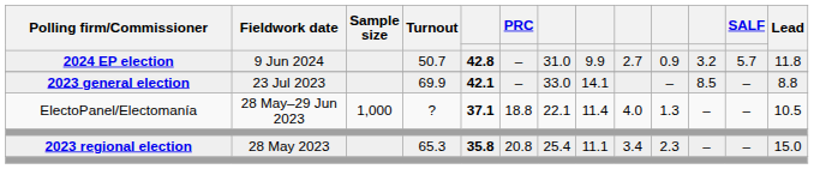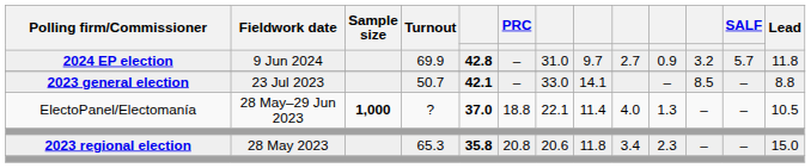 <table class="wikitable collapsible" style="text-align:center; font-size:95%; line-height:16px;">
 <tr style="height:42px;">
 <th style="width:250px;" rowspan="2">Polling firm/Commissioner</th>
 <th style="width:125px;" rowspan="2">Fieldwork date</th>
 <th style="width:50px;" rowspan="2">Sample size</th>
 <th style="width:45px;" rowspan="2">Turnout</th>
 <th style="width:35px;"></th>
 <th style="width:35px;"><a href='#'>PRC</a></th>
 <th style="width:35px;"></th>
 <th style="width:35px;"></th>
 <th style="width:35px;"><br></th>
 <th style="width:35px;"></th>
 <th style="width:35px;"></th>
 <th style="width:35px;"><a href='#'>SALF</a></th>
 <th style="width:30px;" rowspan="2">Lead</th>
 </tr>
 <tr>
 <th style="color:inherit;background:"></th>
 <th style="color:inherit;background:"></th>
 <th style="color:inherit;background:"></th>
 <th style="color:inherit;background:"></th>
 <th style="color:inherit;background:"></th>
 <th style="color:inherit;background:"></th>
 <th style="color:inherit;background:"></th>
 <th style="color:inherit;background:"></th>
 </tr>
 <tr style="background:#EFEFEF;">
 <td><strong><a href='#'>2024 EP election</a></strong></td>
 <td>9 Jun 2024</td>
 <td></td>
-<td>50.7</td>
+<td>69.9</td>
 <td><strong>42.8</strong><br></td>
 <td>–</td>
 <td>31.0<br></td>
-<td>9.9<br></td>
+<td>9.7<br></td>
 <td>2.7<br></td>
 <td>0.9<br></td>
 <td>3.2<br></td>
 <td>5.7<br></td>
 <td style="background:">11.8</td>
 </tr>
 <tr>
 </tr>
 <tr style="background:#EFEFEF;">
 <td><strong><a href='#'>2023 general election</a></strong></td>
 <td>23 Jul 2023</td>
 <td></td>
-<td>69.9</td>
+<td>50.7</td>
 <td><strong>42.1</strong><br></td>
 <td>–</td>
 <td>33.0<br></td>
 <td>14.1<br></td>
 <td></td>
 <td>–</td>
 <td>8.5<br></td>
 <td>–</td>
 <td style="background:">8.8</td>
 </tr>
 <tr>
 <td>ElectoPanel/Electomanía</td>
 <td>28 May–29 Jun 2023</td>
-<td>1,000</td>
+<td><strong>1,000</strong></td>
 <td>?</td>
-<td><strong>37.1</strong><br></td>
+<td><strong>37.0</strong><br></td>
 <td>18.8<br></td>
 <td>22.1<br></td>
 <td>11.4<br></td>
 <td>4.0<br></td>
 <td>1.3<br></td>
 <td>–</td>
 <td>–</td>
 <td style="background:">10.5</td>
 </tr>
 <tr>
 <td colspan="13" style="background:#A0A0A0"></td>
 </tr>
 <tr style="background:#EFEFEF;">
 <td><strong><a href='#'>2023 regional election</a></strong></td>
 <td>28 May 2023</td>
 <td></td>
 <td>65.3</td>
 <td><strong>35.8</strong><br></td>
 <td>20.8<br></td>
-<td>25.4<br></td>
-<td>11.1<br></td>
+<td>20.6<br></td>
+<td>11.8<br></td>
 <td>3.4<br></td>
 <td>2.3<br></td>
 <td>–</td>
 <td>–</td>
 <td style="background:">15.0</td>
 </tr>
 <tr>
 <td colspan="13" style="background:#A0A0A0"></td>
 </tr>
 </table>
